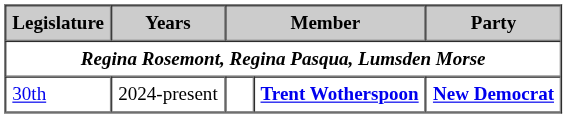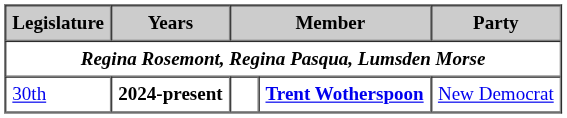 <table border=1 cellpadding=5 cellspacing=0>
 <tr bgcolor="CCCCCC">
 <th>Legislature</th>
 <th>Years</th>
 <th colspan="2">Member</th>
 <th>Party</th>
 </tr>
 <tr>
 <td colspan="5" align="center"><strong><em>Regina Rosemont, Regina Pasqua, Lumsden Morse</em></strong></td>
 </tr>
 <tr>
 <td><a href='#'>30th</a></td>
-<td>2024-present</td>
+<td><strong>2024-present</strong></td>
 <td>   </td>
 <td><strong><a href='#'>Trent Wotherspoon</a></strong></td>
-<td><strong><a href='#'>New Democrat</a></strong></td>
+<td><a href='#'>New Democrat</a></td>
 </tr>
 </table>
